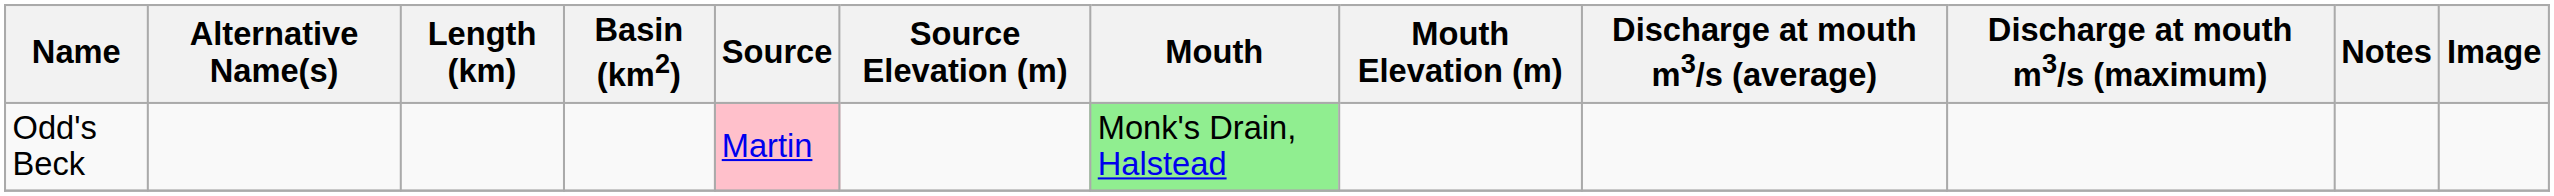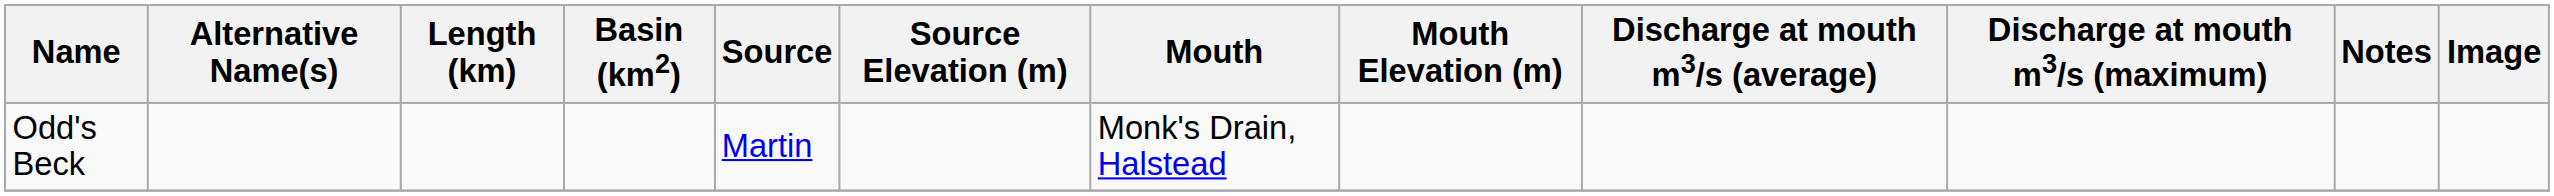 <table class="wikitable sortable">
 <tr>
 <th>Name</th>
 <th>Alternative Name(s)</th>
 <th>Length (km)</th>
 <th>Basin (km<sup>2</sup>)</th>
 <th>Source</th>
 <th>Source Elevation (m)</th>
 <th>Mouth</th>
 <th>Mouth Elevation (m)</th>
 <th>Discharge at mouth m<sup>3</sup>/s (average)</th>
 <th class="unsortable">Discharge at mouth m<sup>3</sup>/s (maximum)</th>
 <th>Notes</th>
 <th class="unsortable">Image</th>
 </tr>
 <tr>
 <td>Odd's Beck</td>
 <td></td>
 <td></td>
 <td></td>
-<td style="background: pink;"><a href='#'>Martin</a></td>
+<td><a href='#'>Martin</a></td>
 <td></td>
-<td style="background: lightgreen;">Monk's Drain, <a href='#'>Halstead</a></td>
+<td>Monk's Drain, <a href='#'>Halstead</a></td>
 <td></td>
 <td></td>
 <td></td>
 <td></td>
 <td></td>
 </tr>
 <tr>
 </tr>
 </table>
